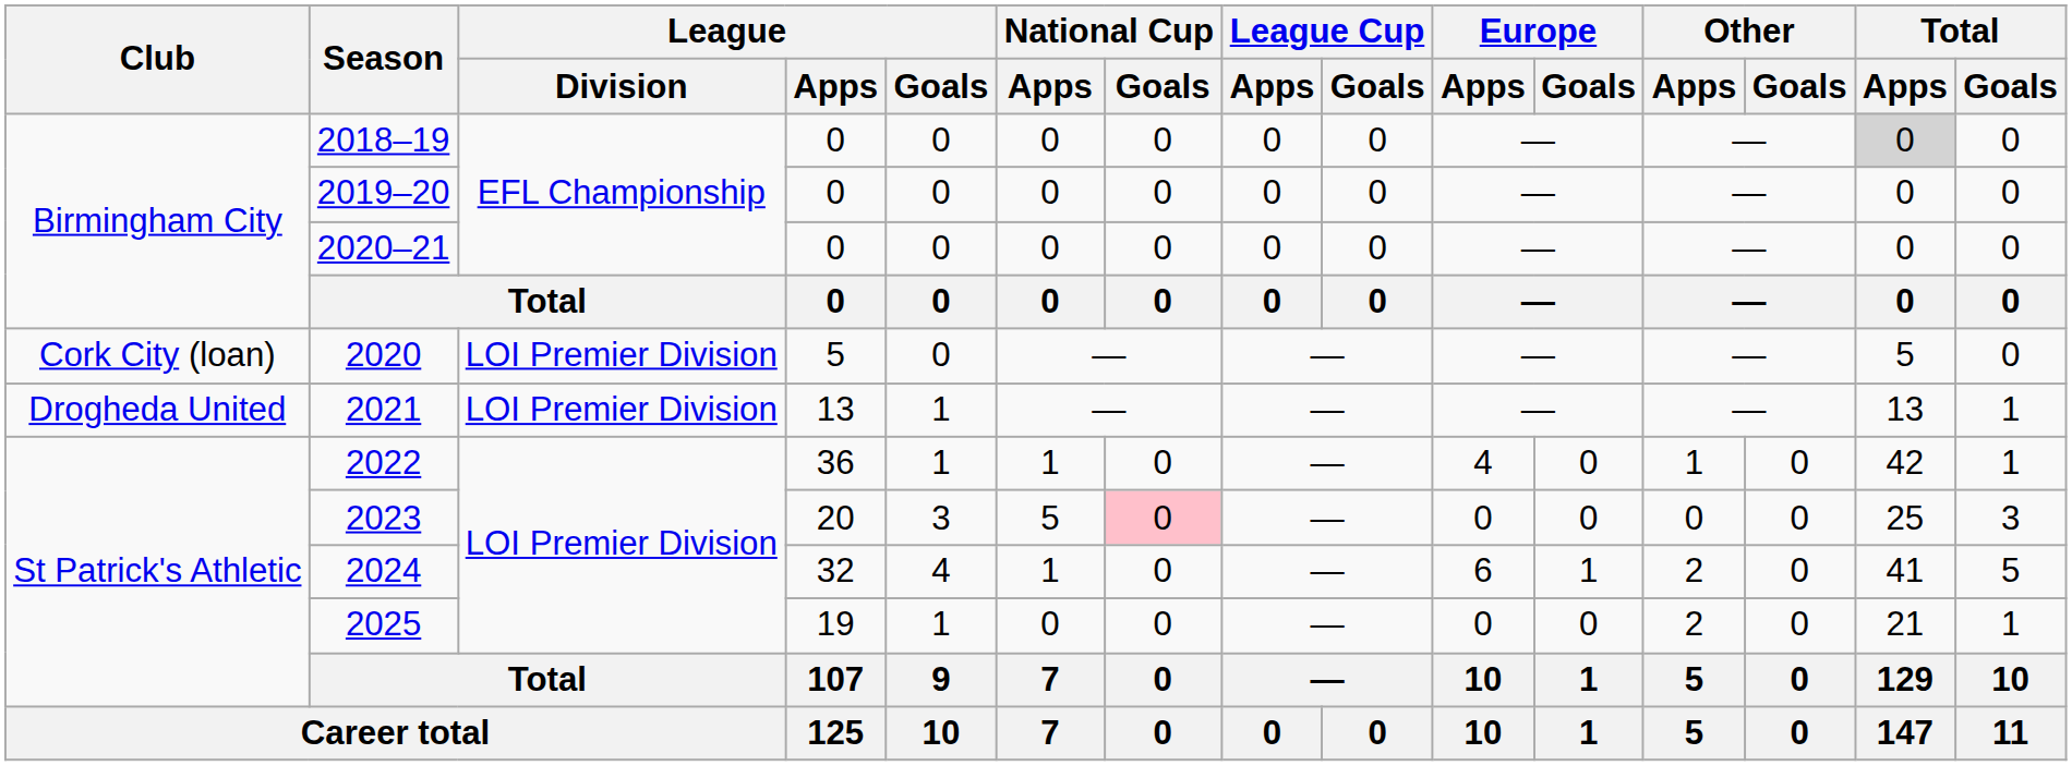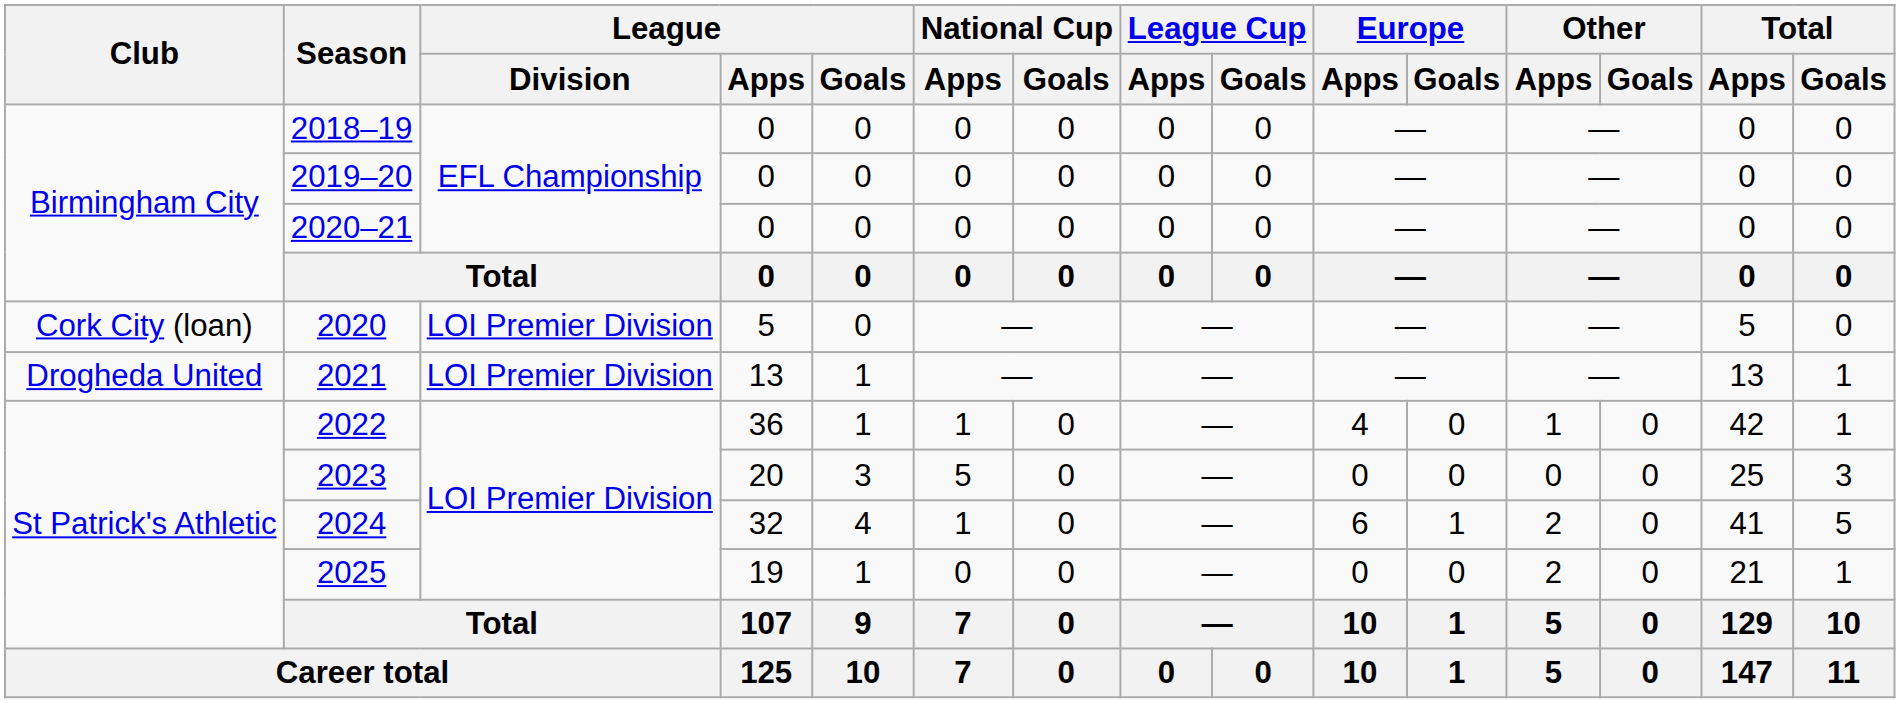 <table class="wikitable" style="text-align:center">
 <tr>
 <th rowspan=2>Club</th>
 <th rowspan=2>Season</th>
 <th colspan=3>League</th>
 <th colspan=2>National Cup</th>
 <th colspan=2><a href='#'>League Cup</a></th>
 <th colspan=2><a href='#'>Europe</a></th>
 <th colspan=2>Other</th>
 <th colspan=2>Total</th>
 </tr>
 <tr>
 <th>Division</th>
 <th>Apps</th>
 <th>Goals</th>
 <th>Apps</th>
 <th>Goals</th>
 <th>Apps</th>
 <th>Goals</th>
 <th>Apps</th>
 <th>Goals</th>
 <th>Apps</th>
 <th>Goals</th>
 <th>Apps</th>
 <th>Goals</th>
 </tr>
 <tr>
 <td rowspan="4"><a href='#'>Birmingham City</a></td>
 <td><a href='#'>2018–19</a></td>
 <td rowspan="3"><a href='#'>EFL Championship</a></td>
 <td>0</td>
 <td>0</td>
 <td>0</td>
 <td>0</td>
 <td>0</td>
 <td>0</td>
 <td colspan="2">—</td>
 <td colspan="2">—</td>
-<td style="background: lightgrey;">0</td>
+<td>0</td>
 <td>0</td>
 </tr>
 <tr>
 <td><a href='#'>2019–20</a></td>
 <td>0</td>
 <td>0</td>
 <td>0</td>
 <td>0</td>
 <td>0</td>
 <td>0</td>
 <td colspan="2">—</td>
 <td colspan="2">—</td>
 <td>0</td>
 <td>0</td>
 </tr>
 <tr>
 <td><a href='#'>2020–21</a></td>
 <td>0</td>
 <td>0</td>
 <td>0</td>
 <td>0</td>
 <td>0</td>
 <td>0</td>
 <td colspan="2">—</td>
 <td colspan="2">—</td>
 <td>0</td>
 <td>0</td>
 </tr>
 <tr>
 <th colspan=2>Total</th>
 <th>0</th>
 <th>0</th>
 <th>0</th>
 <th>0</th>
 <th>0</th>
 <th>0</th>
 <th colspan="2">—</th>
 <th colspan="2">—</th>
 <th>0</th>
 <th>0</th>
 </tr>
 <tr>
 <td><a href='#'>Cork City</a> (loan)</td>
 <td><a href='#'>2020</a></td>
 <td><a href='#'>LOI Premier Division</a></td>
 <td>5</td>
 <td>0</td>
 <td colspan="2">—</td>
 <td colspan="2">—</td>
 <td colspan="2">—</td>
 <td colspan="2">—</td>
 <td>5</td>
 <td>0</td>
 </tr>
 <tr>
 <td><a href='#'>Drogheda United</a></td>
 <td><a href='#'>2021</a></td>
 <td><a href='#'>LOI Premier Division</a></td>
 <td>13</td>
 <td>1</td>
 <td colspan="2">—</td>
 <td colspan="2">—</td>
 <td colspan="2">—</td>
 <td colspan="2">—</td>
 <td>13</td>
 <td>1</td>
 </tr>
 <tr>
 <td rowspan="5"><a href='#'>St Patrick's Athletic</a></td>
 <td><a href='#'>2022</a></td>
 <td rowspan="4"><a href='#'>LOI Premier Division</a></td>
 <td>36</td>
 <td>1</td>
 <td>1</td>
 <td>0</td>
 <td colspan="2">—</td>
 <td>4</td>
 <td>0</td>
 <td>1</td>
 <td>0</td>
 <td>42</td>
 <td>1</td>
 </tr>
 <tr>
 <td><a href='#'>2023</a></td>
 <td>20</td>
 <td>3</td>
 <td>5</td>
-<td style="background: pink;">0</td>
+<td>0</td>
 <td colspan="2">—</td>
 <td>0</td>
 <td>0</td>
 <td>0</td>
 <td>0</td>
 <td>25</td>
 <td>3</td>
 </tr>
 <tr>
 <td><a href='#'>2024</a></td>
 <td>32</td>
 <td>4</td>
 <td>1</td>
 <td>0</td>
 <td colspan="2">—</td>
 <td>6</td>
 <td>1</td>
 <td>2</td>
 <td>0</td>
 <td>41</td>
 <td>5</td>
 </tr>
 <tr>
 <td><a href='#'>2025</a></td>
 <td>19</td>
 <td>1</td>
 <td>0</td>
 <td>0</td>
 <td colspan="2">—</td>
 <td>0</td>
 <td>0</td>
 <td>2</td>
 <td>0</td>
 <td>21</td>
 <td>1</td>
 </tr>
 <tr>
 <th colspan=2>Total</th>
 <th>107</th>
 <th>9</th>
 <th>7</th>
 <th>0</th>
 <th colspan="2">—</th>
 <th>10</th>
 <th>1</th>
 <th>5</th>
 <th>0</th>
 <th>129</th>
 <th>10</th>
 </tr>
 <tr>
 <th colspan=3>Career total</th>
 <th>125</th>
 <th>10</th>
 <th>7</th>
 <th>0</th>
 <th>0</th>
 <th>0</th>
 <th>10</th>
 <th>1</th>
 <th>5</th>
 <th>0</th>
 <th>147</th>
 <th>11</th>
 </tr>
 </table>
